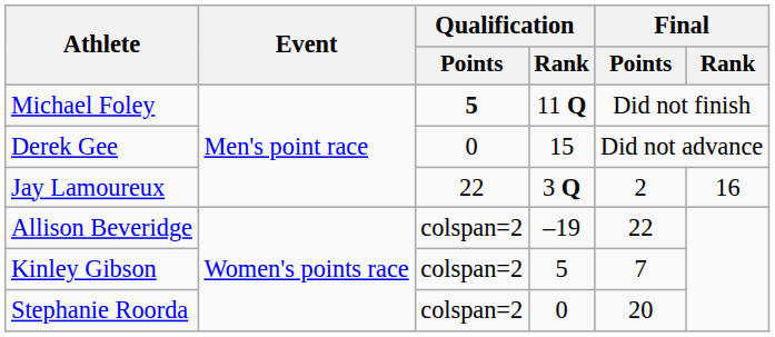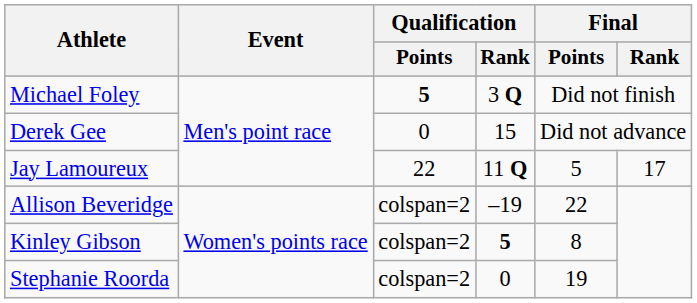 <table class="wikitable" style="font-size:90%;">
 <tr>
 <th rowspan=2>Athlete</th>
 <th rowspan=2>Event</th>
 <th colspan=2>Qualification</th>
 <th colspan=2>Final</th>
 </tr>
 <tr style="font-size:95%">
 <th>Points</th>
 <th>Rank</th>
 <th>Points</th>
 <th>Rank</th>
 </tr>
 <tr align=center>
 <td align=left><a href='#'>Michael Foley</a></td>
 <td align=left rowspan=3><a href='#'>Men's point race</a></td>
 <td><strong>5</strong></td>
-<td>11 <strong>Q</strong></td>
+<td>3 <strong>Q</strong></td>
 <td colspan=2>Did not finish</td>
 </tr>
 <tr align=center>
 <td align=left><a href='#'>Derek Gee</a></td>
 <td>0</td>
 <td>15</td>
 <td colspan=2>Did not advance</td>
 </tr>
 <tr align=center>
 <td align=left><a href='#'>Jay Lamoureux</a></td>
 <td>22</td>
-<td>3 <strong>Q</strong></td>
-<td>2</td>
-<td>16</td>
+<td>11 <strong>Q</strong></td>
+<td>5</td>
+<td>17</td>
 </tr>
 <tr align=center>
 <td align=left><a href='#'>Allison Beveridge</a></td>
 <td align=left rowspan=3><a href='#'>Women's points race</a></td>
 <td>colspan=2 </td>
 <td>–19</td>
 <td>22</td>
 </tr>
 <tr align=center>
 <td align=left><a href='#'>Kinley Gibson</a></td>
 <td>colspan=2 </td>
-<td>5</td>
-<td>7</td>
+<td><strong>5</strong></td>
+<td>8</td>
 </tr>
 <tr align=center>
 <td align=left><a href='#'>Stephanie Roorda</a></td>
 <td>colspan=2 </td>
 <td>0</td>
-<td>20</td>
+<td>19</td>
 </tr>
 </table>
